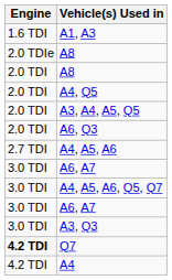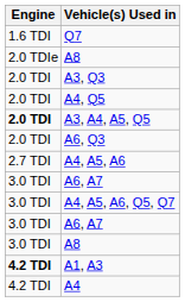 <table class="wikitable">
 <tr>
 <th>Engine</th>
 <th>Vehicle(s) Used in</th>
 </tr>
 <tr>
 <td>1.6 TDI </td>
-<td><a href='#'>A1</a>, <a href='#'>A3</a></td>
+<td><a href='#'>Q7</a></td>
 </tr>
 <tr>
 <td>2.0 TDIe </td>
 <td><a href='#'>A8</a></td>
 </tr>
 <tr>
 <td>2.0 TDI </td>
-<td><a href='#'>A8</a></td>
+<td><a href='#'>A3</a>, <a href='#'>Q3</a></td>
 </tr>
 <tr>
 <td>2.0 TDI </td>
 <td><a href='#'>A4</a>, <a href='#'>Q5</a></td>
 </tr>
 <tr>
-<td>2.0 TDI </td>
+<td><strong>2.0 TDI </strong></td>
 <td><a href='#'>A3</a>, <a href='#'>A4</a>, <a href='#'>A5</a>, <a href='#'>Q5</a></td>
 </tr>
 <tr>
 <td>2.0 TDI </td>
 <td><a href='#'>A6</a>, <a href='#'>Q3</a></td>
 </tr>
 <tr>
 <td>2.7 TDI </td>
 <td><a href='#'>A4</a>, <a href='#'>A5</a>, <a href='#'>A6</a></td>
 </tr>
 <tr>
 <td>3.0 TDI </td>
 <td><a href='#'>A6</a>, <a href='#'>A7</a></td>
 </tr>
 <tr>
 <td>3.0 TDI </td>
 <td><a href='#'>A4</a>, <a href='#'>A5</a>, <a href='#'>A6</a>, <a href='#'>Q5</a>, <a href='#'>Q7</a></td>
 </tr>
 <tr>
 <td>3.0 TDI </td>
 <td><a href='#'>A6</a>, <a href='#'>A7</a></td>
 </tr>
 <tr>
 <td>3.0 TDI </td>
-<td><a href='#'>A3</a>, <a href='#'>Q3</a></td>
+<td><a href='#'>A8</a></td>
 </tr>
 <tr>
 <td><strong>4.2 TDI </strong></td>
-<td><a href='#'>Q7</a></td>
+<td><a href='#'>A1</a>, <a href='#'>A3</a></td>
 </tr>
 <tr>
 <td>4.2 TDI </td>
 <td><a href='#'>A4</a></td>
 </tr>
 </table>
